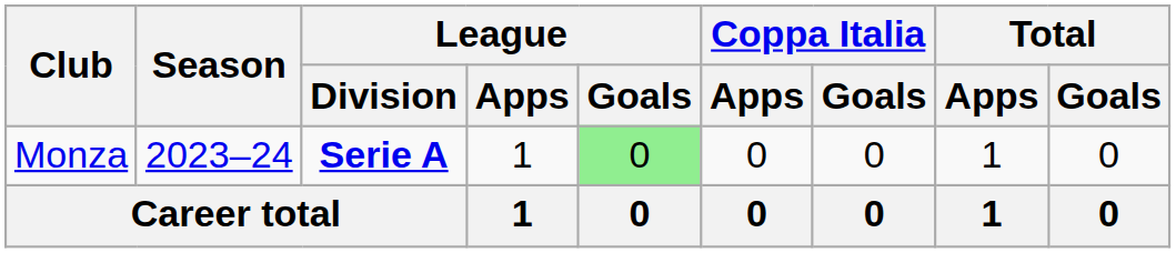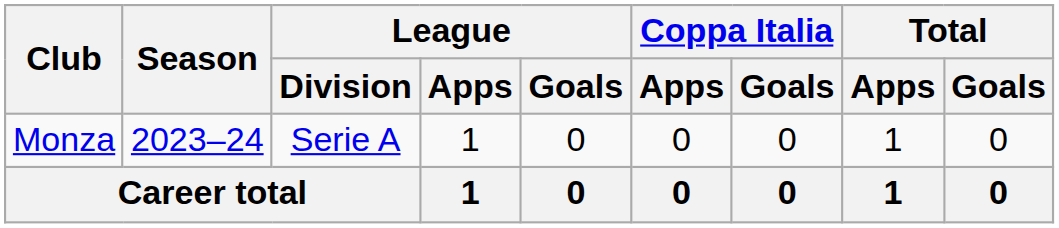 <table class="wikitable" style="text-align:center">
 <tr>
 <th rowspan="2">Club</th>
 <th rowspan="2">Season</th>
 <th colspan="3">League</th>
 <th colspan="2"><a href='#'>Coppa Italia</a></th>
 <th colspan="2">Total</th>
 </tr>
 <tr>
 <th>Division</th>
 <th>Apps</th>
 <th>Goals</th>
 <th>Apps</th>
 <th>Goals</th>
 <th>Apps</th>
 <th>Goals</th>
 </tr>
 <tr>
 <td><a href='#'>Monza</a></td>
 <td><a href='#'>2023–24</a></td>
-<td><strong><a href='#'>Serie A</a></strong></td>
+<td><a href='#'>Serie A</a></td>
 <td>1</td>
-<td style="background: lightgreen;">0</td>
+<td>0</td>
 <td>0</td>
 <td>0</td>
 <td>1</td>
 <td>0</td>
 </tr>
 <tr>
 <th colspan="3">Career total</th>
 <th>1</th>
 <th>0</th>
 <th>0</th>
 <th>0</th>
 <th>1</th>
 <th>0</th>
 </tr>
 </table>
